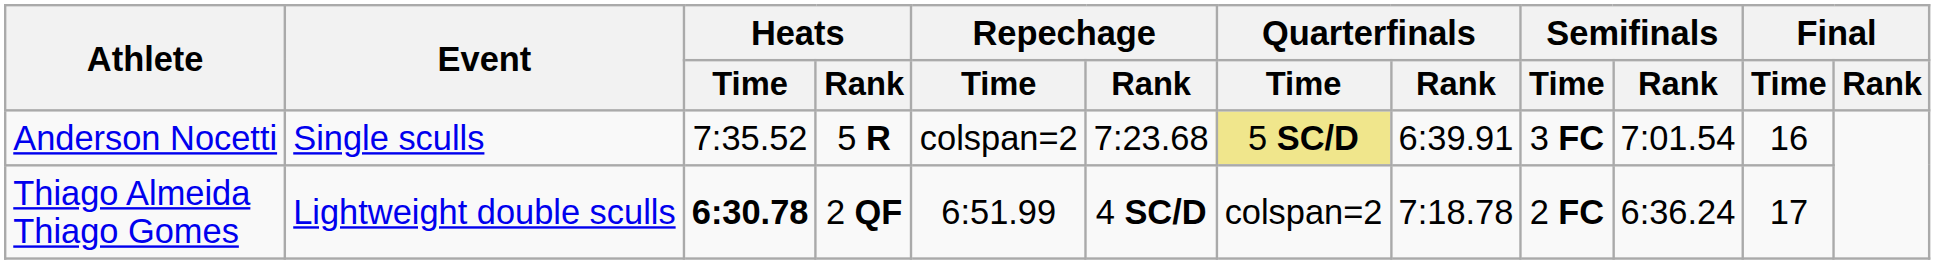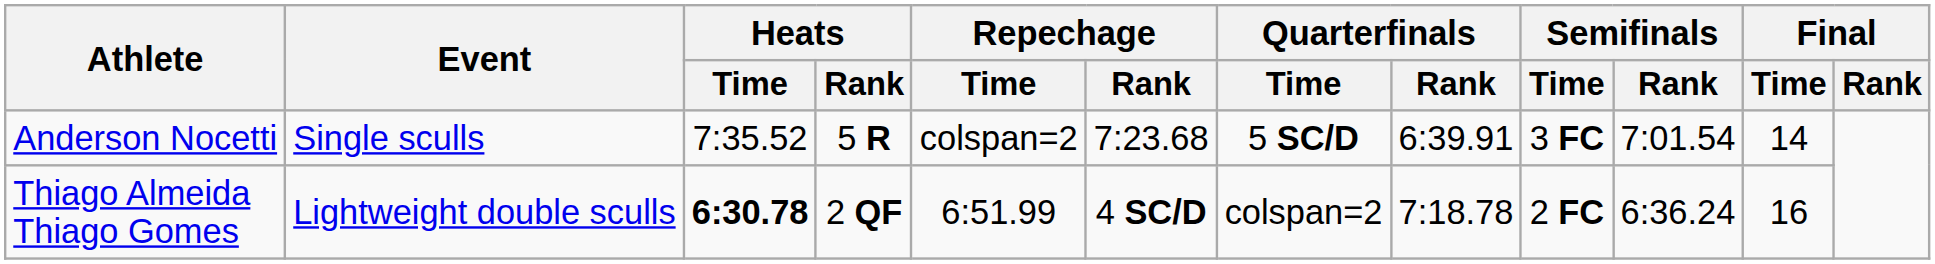 <table class="wikitable" style="font-size:90%">
 <tr>
 <th rowspan="2">Athlete</th>
 <th rowspan="2">Event</th>
 <th colspan="2">Heats</th>
 <th colspan="2">Repechage</th>
 <th colspan="2">Quarterfinals</th>
 <th colspan="2">Semifinals</th>
 <th colspan="2">Final</th>
 </tr>
 <tr style="font-size:95%">
 <th>Time</th>
 <th>Rank</th>
 <th>Time</th>
 <th>Rank</th>
 <th>Time</th>
 <th>Rank</th>
 <th>Time</th>
 <th>Rank</th>
 <th>Time</th>
 <th>Rank</th>
 </tr>
 <tr align=center>
 <td align=left><a href='#'>Anderson Nocetti</a></td>
 <td align=left><a href='#'>Single sculls</a></td>
 <td>7:35.52</td>
 <td>5 <strong>R</strong></td>
 <td>colspan=2 </td>
 <td>7:23.68</td>
-<td style="background: khaki;">5 <strong>SC/D</strong></td>
+<td>5 <strong>SC/D</strong></td>
 <td>6:39.91</td>
 <td>3 <strong>FC</strong></td>
 <td>7:01.54</td>
-<td>16</td>
+<td>14</td>
 </tr>
 <tr align=center>
 <td align=left><a href='#'>Thiago Almeida</a><br><a href='#'>Thiago Gomes</a></td>
 <td align=left><a href='#'>Lightweight double sculls</a></td>
 <td><strong>6:30.78</strong></td>
 <td>2 <strong>QF</strong></td>
 <td>6:51.99</td>
 <td>4 <strong>SC/D</strong></td>
 <td>colspan=2 </td>
 <td>7:18.78</td>
 <td>2 <strong>FC</strong></td>
 <td>6:36.24</td>
-<td>17</td>
+<td>16</td>
 </tr>
 </table>
